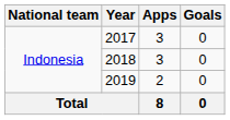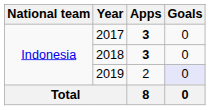 <table class="wikitable" style="text-align:center">
 <tr>
 <th>National team</th>
 <th>Year</th>
 <th>Apps</th>
 <th>Goals</th>
 </tr>
 <tr>
 <td rowspan=3><a href='#'>Indonesia</a></td>
 <td>2017</td>
-<td>3</td>
+<td><strong>3</strong></td>
 <td>0</td>
 </tr>
 <tr>
 <td>2018</td>
-<td>3</td>
+<td><strong>3</strong></td>
 <td>0</td>
 </tr>
 <tr>
 <td>2019</td>
 <td>2</td>
-<td>0</td>
+<td style="background: lavender;">0</td>
 </tr>
 <tr>
 <th colspan=2>Total</th>
 <th>8</th>
 <th>0</th>
 </tr>
 </table>
